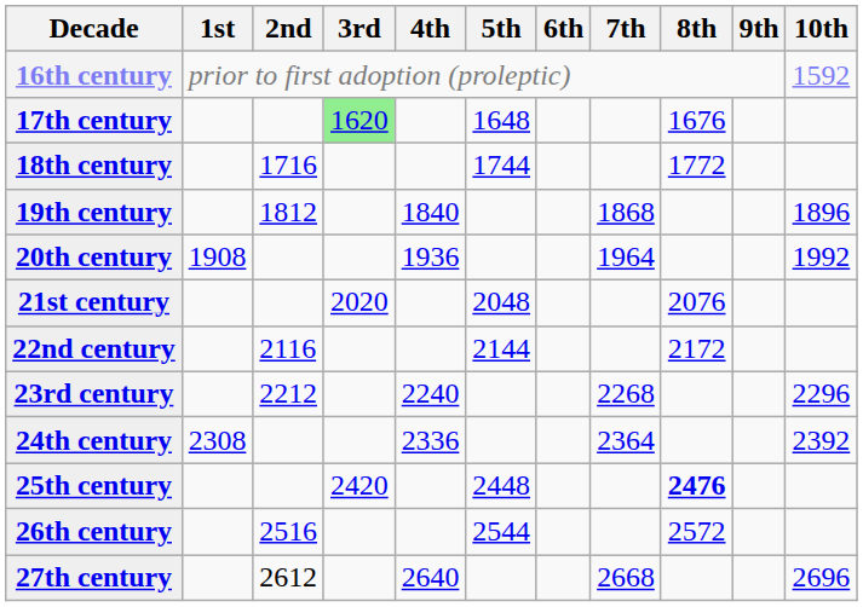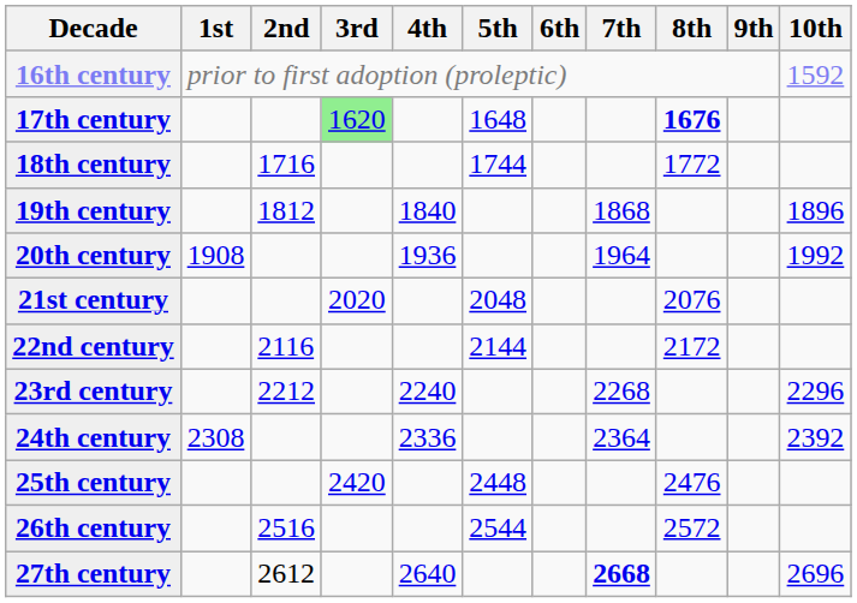 <table class="wikitable">
 <tr>
 <th scope=row>Decade</th>
 <th>1st</th>
 <th>2nd</th>
 <th>3rd</th>
 <th>4th</th>
 <th>5th</th>
 <th>6th</th>
 <th>7th</th>
 <th>8th</th>
 <th>9th</th>
 <th>10th</th>
 </tr>
 <tr style="opacity: 0.5;">
 <th style="background:#efefef;"><a href='#'>16th century</a></th>
 <td colspan="9"><em>prior to first adoption (proleptic)</em></td>
 <td><a href='#'>1592</a></td>
 </tr>
 <tr>
 <th><a href='#'>17th century</a></th>
 <td></td>
 <td></td>
 <td style="background: lightgreen;"><a href='#'>1620</a></td>
 <td></td>
 <td><a href='#'>1648</a></td>
 <td></td>
 <td></td>
-<td><a href='#'>1676</a></td>
+<td><strong><a href='#'>1676</a></strong></td>
 <td></td>
 <td></td>
 </tr>
 <tr>
 <th style="background:#efefef;"><a href='#'>18th century</a></th>
 <td></td>
 <td><a href='#'>1716</a></td>
 <td></td>
 <td></td>
 <td><a href='#'>1744</a></td>
 <td></td>
 <td></td>
 <td><a href='#'>1772</a></td>
 <td></td>
 <td></td>
 </tr>
 <tr>
 <th style="background:#efefef;"><a href='#'>19th century</a></th>
 <td></td>
 <td><a href='#'>1812</a></td>
 <td></td>
 <td><a href='#'>1840</a></td>
 <td></td>
 <td></td>
 <td><a href='#'>1868</a></td>
 <td></td>
 <td></td>
 <td><a href='#'>1896</a></td>
 </tr>
 <tr>
 <th style="background:#efefef;"><a href='#'>20th century</a></th>
 <td><a href='#'>1908</a></td>
 <td></td>
 <td></td>
 <td><a href='#'>1936</a></td>
 <td></td>
 <td></td>
 <td><a href='#'>1964</a></td>
 <td></td>
 <td></td>
 <td><a href='#'>1992</a></td>
 </tr>
 <tr>
 <th style="background:#efefef;"><a href='#'>21st century</a></th>
 <td></td>
 <td></td>
 <td><a href='#'>2020</a></td>
 <td></td>
 <td><a href='#'>2048</a></td>
 <td></td>
 <td></td>
 <td><a href='#'>2076</a></td>
 <td></td>
 <td></td>
 </tr>
 <tr>
 <th style="background:#efefef;"><a href='#'>22nd century</a></th>
 <td></td>
 <td><a href='#'>2116</a></td>
 <td></td>
 <td></td>
 <td><a href='#'>2144</a></td>
 <td></td>
 <td></td>
 <td><a href='#'>2172</a></td>
 <td></td>
 <td></td>
 </tr>
 <tr>
 <th style="background:#efefef;"><a href='#'>23rd century</a></th>
 <td></td>
 <td><a href='#'>2212</a></td>
 <td></td>
 <td><a href='#'>2240</a></td>
 <td></td>
 <td></td>
 <td><a href='#'>2268</a></td>
 <td></td>
 <td></td>
 <td><a href='#'>2296</a></td>
 </tr>
 <tr>
 <th style="background:#efefef;"><a href='#'>24th century</a></th>
 <td><a href='#'>2308</a></td>
 <td></td>
 <td></td>
 <td><a href='#'>2336</a></td>
 <td></td>
 <td></td>
 <td><a href='#'>2364</a></td>
 <td></td>
 <td></td>
 <td><a href='#'>2392</a></td>
 </tr>
 <tr>
 <th style="background:#efefef;"><a href='#'>25th century</a></th>
 <td></td>
 <td></td>
 <td><a href='#'>2420</a></td>
 <td></td>
 <td><a href='#'>2448</a></td>
 <td></td>
 <td></td>
-<td><strong><a href='#'>2476</a></strong></td>
+<td><a href='#'>2476</a></td>
 <td></td>
 <td></td>
 </tr>
 <tr>
 <th style="background:#efefef;"><a href='#'>26th century</a></th>
 <td></td>
 <td><a href='#'>2516</a></td>
 <td></td>
 <td></td>
 <td><a href='#'>2544</a></td>
 <td></td>
 <td></td>
 <td><a href='#'>2572</a></td>
 <td></td>
 <td></td>
 </tr>
 <tr>
 <th style="background:#efefef;"><a href='#'>27th century</a></th>
 <td></td>
 <td>2612</td>
 <td></td>
 <td><a href='#'>2640</a></td>
 <td></td>
 <td></td>
-<td><a href='#'>2668</a></td>
+<td><strong><a href='#'>2668</a></strong></td>
 <td></td>
 <td></td>
 <td><a href='#'>2696</a></td>
 </tr>
 </table>
